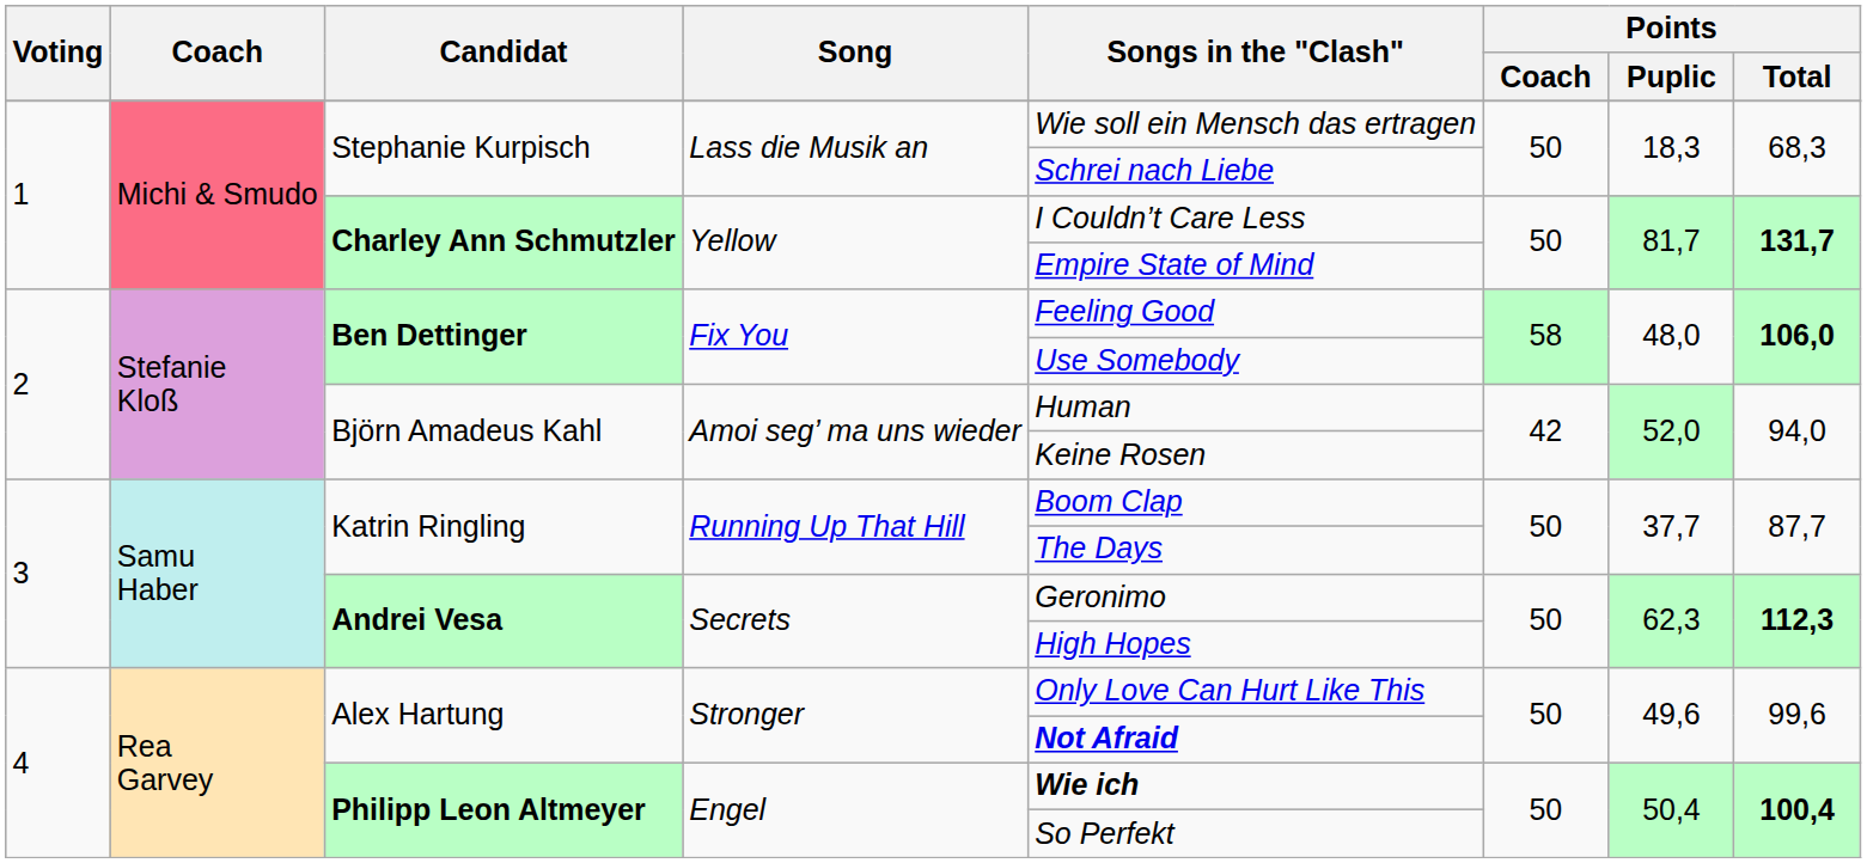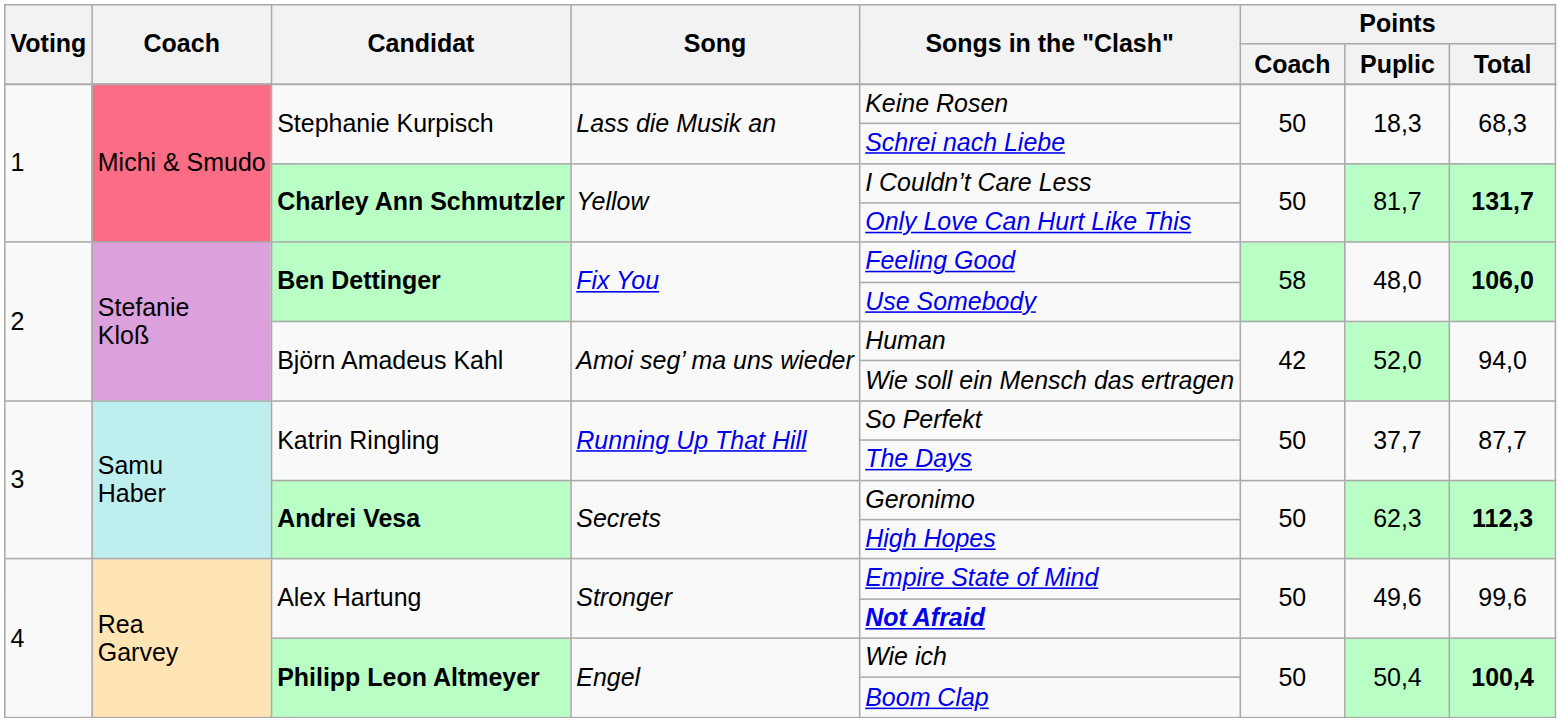 <table class="wikitable" style="width: auto;">
 <tr>
 <th rowspan="2">Voting</th>
 <th rowspan="2">Coach</th>
 <th rowspan="2">Candidat</th>
 <th rowspan="2">Song</th>
 <th rowspan="2">Songs in the "Clash"</th>
 <th colspan="3">Points</th>
 </tr>
 <tr>
 <th width="60">Coach</th>
 <th width="60">Puplic</th>
 <th width="60">Total</th>
 </tr>
 <tr>
 </tr>
 <tr>
 <td rowspan="4">1</td>
 <td rowspan="4" style="background:#FC6C85">Michi & Smudo</td>
 <td rowspan="2">Stephanie Kurpisch</td>
 <td rowspan="2"><em>Lass die Musik an</em></td>
-<td><em>Wie soll ein Mensch das ertragen</em></td>
+<td><em>Keine Rosen</em></td>
 <td rowspan="2" align="center">50</td>
 <td rowspan="2" align="center">18,3</td>
 <td rowspan="2" align="center">68,3</td>
 </tr>
 <tr>
 <td><em><a href='#'>Schrei nach Liebe</a></em></td>
 </tr>
 <tr>
 <td rowspan="2" style="background:#B9FFC5"><strong>Charley Ann Schmutzler</strong></td>
 <td rowspan="2"><em>Yellow</em></td>
 <td><em>I Couldn’t Care Less</em></td>
 <td rowspan="2" align="center">50</td>
 <td rowspan="2" align="center" style="background:#B9FFC5">81,7</td>
 <td rowspan="2" align="center" style="background:#B9FFC5"><strong>131,7</strong></td>
 </tr>
 <tr>
-<td><em><a href='#'>Empire State of Mind</a></em></td>
+<td><em><a href='#'>Only Love Can Hurt Like This</a></em></td>
 </tr>
 <tr>
 <td rowspan="4">2</td>
 <td rowspan="4" style="background:#dca0dc">Stefanie<br> Kloß</td>
 <td rowspan="2" style="background:#B9FFC5"><strong>Ben Dettinger</strong></td>
 <td rowspan="2"><em><a href='#'>Fix You</a></em></td>
 <td><em><a href='#'>Feeling Good</a></em></td>
 <td rowspan="2" align="center" style="background:#B9FFC5">58</td>
 <td rowspan="2" align="center">48,0</td>
 <td rowspan="2" align="center" style="background:#B9FFC5"><strong>106,0</strong></td>
 </tr>
 <tr>
 <td><em><a href='#'>Use Somebody</a></em></td>
 </tr>
 <tr>
 <td rowspan="2">Björn Amadeus Kahl</td>
 <td rowspan="2"><em>Amoi seg’ ma uns wieder</em></td>
 <td><em>Human</em></td>
 <td rowspan="2" align="center">42</td>
 <td rowspan="2" align="center" style="background:#B9FFC5">52,0</td>
 <td rowspan="2" align="center">94,0</td>
 </tr>
 <tr>
-<td><em>Keine Rosen</em></td>
+<td><em>Wie soll ein Mensch das ertragen</em></td>
 </tr>
 <tr>
 <td rowspan="4">3</td>
 <td rowspan="4" style="background:#bfeeee">Samu<br> Haber</td>
 <td rowspan="2">Katrin Ringling</td>
 <td rowspan="2"><em><a href='#'>Running Up That Hill</a></em></td>
-<td><em><a href='#'>Boom Clap</a></em></td>
+<td><em>So Perfekt</em></td>
 <td rowspan="2" align="center">50</td>
 <td rowspan="2" align="center">37,7</td>
 <td rowspan="2" align="center">87,7</td>
 </tr>
 <tr>
 <td><em><a href='#'>The Days</a></em></td>
 </tr>
 <tr>
 <td rowspan="2" style="background:#B9FFC5"><strong>Andrei Vesa</strong></td>
 <td rowspan="2"><em>Secrets</em></td>
 <td><em>Geronimo</em></td>
 <td rowspan="2" align="center">50</td>
 <td rowspan="2" align="center" style="background:#B9FFC5">62,3</td>
 <td rowspan="2" align="center" style="background:#B9FFC5"><strong>112,3</strong></td>
 </tr>
 <tr>
 <td><em><a href='#'>High Hopes</a></em></td>
 </tr>
 <tr>
 <td rowspan="4">4</td>
 <td rowspan="4" style="background:#ffe5b4">Rea<br> Garvey</td>
 <td rowspan="2">Alex Hartung</td>
 <td rowspan="2"><em>Stronger</em></td>
-<td><em><a href='#'>Only Love Can Hurt Like This</a></em></td>
+<td><em><a href='#'>Empire State of Mind</a></em></td>
 <td rowspan="2" align="center">50</td>
 <td rowspan="2" align="center">49,6</td>
 <td rowspan="2" align="center">99,6</td>
 </tr>
 <tr>
 <td><strong><em><a href='#'>Not Afraid</a></em></strong></td>
 </tr>
 <tr>
 <td rowspan="2" style="background:#B9FFC5"><strong>Philipp Leon Altmeyer</strong></td>
 <td rowspan="2"><em>Engel</em></td>
-<td><strong><em>Wie ich</em></strong></td>
+<td><em>Wie ich</em></td>
 <td rowspan="2" align="center">50</td>
 <td rowspan="2" align="center" style="background:#B9FFC5">50,4</td>
 <td rowspan="2" align="center" style="background:#B9FFC5"><strong>100,4</strong></td>
 </tr>
 <tr>
-<td><em>So Perfekt</em></td>
+<td><em><a href='#'>Boom Clap</a></em></td>
 </tr>
 <tr>
 </tr>
 </table>
